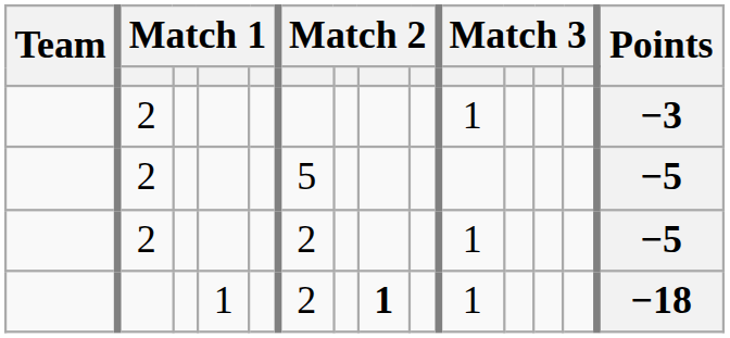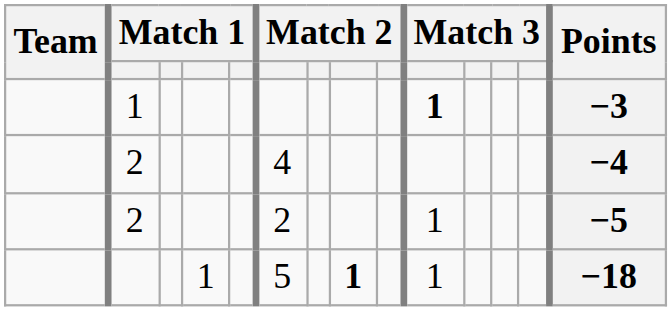 <table class="wikitable sortable" style="text-align:center;">
 <tr>
 <th rowspan=2>Team</th>
 <th colspan=4 style="border-left:3px solid gray">Match 1</th>
 <th colspan=4 style="border-left:3px solid gray">Match 2</th>
 <th colspan=4 style="border-left:3px solid gray">Match 3</th>
 <th rowspan=2 style="border-left:3px solid gray">Points</th>
 </tr>
 <tr>
 <th style="border-left:3px solid gray"></th>
 <th></th>
 <th></th>
 <th></th>
 <th style="border-left:3px solid gray"></th>
 <th></th>
 <th></th>
 <th></th>
 <th style="border-left:3px solid gray"></th>
 <th></th>
 <th></th>
 <th></th>
 </tr>
 <tr>
 <td align=left></td>
-<td style="border-left:3px solid gray">2</td>
+<td style="border-left:3px solid gray">1</td>
 <td></td>
 <td></td>
 <td></td>
 <td style="border-left:3px solid gray"></td>
 <td></td>
 <td></td>
 <td></td>
-<td style="border-left:3px solid gray">1</td>
+<td style="border-left:3px solid gray"><strong>1</strong></td>
 <td></td>
 <td></td>
 <td></td>
 <th style="border-left:3px solid gray">−3</th>
 </tr>
 <tr>
 <td align=left></td>
 <td style="border-left:3px solid gray">2</td>
 <td></td>
 <td></td>
 <td></td>
-<td style="border-left:3px solid gray">5</td>
+<td style="border-left:3px solid gray">4</td>
 <td></td>
 <td></td>
 <td></td>
 <td style="border-left:3px solid gray"></td>
 <td></td>
 <td></td>
 <td></td>
-<th style="border-left:3px solid gray">−5</th>
+<th style="border-left:3px solid gray">−4</th>
 </tr>
 <tr>
 <td align=left></td>
 <td style="border-left:3px solid gray">2</td>
 <td></td>
 <td></td>
 <td></td>
 <td style="border-left:3px solid gray">2</td>
 <td></td>
 <td></td>
 <td></td>
 <td style="border-left:3px solid gray">1</td>
 <td></td>
 <td></td>
 <td></td>
 <th style="border-left:3px solid gray">−5</th>
 </tr>
 <tr>
 <td align=left></td>
 <td style="border-left:3px solid gray"></td>
 <td></td>
 <td>1</td>
 <td></td>
-<td style="border-left:3px solid gray">2</td>
+<td style="border-left:3px solid gray">5</td>
 <td></td>
 <td><strong>1</strong></td>
 <td></td>
 <td style="border-left:3px solid gray">1</td>
 <td></td>
 <td></td>
 <td></td>
 <th style="border-left:3px solid gray">−18</th>
 </tr>
 </table>
